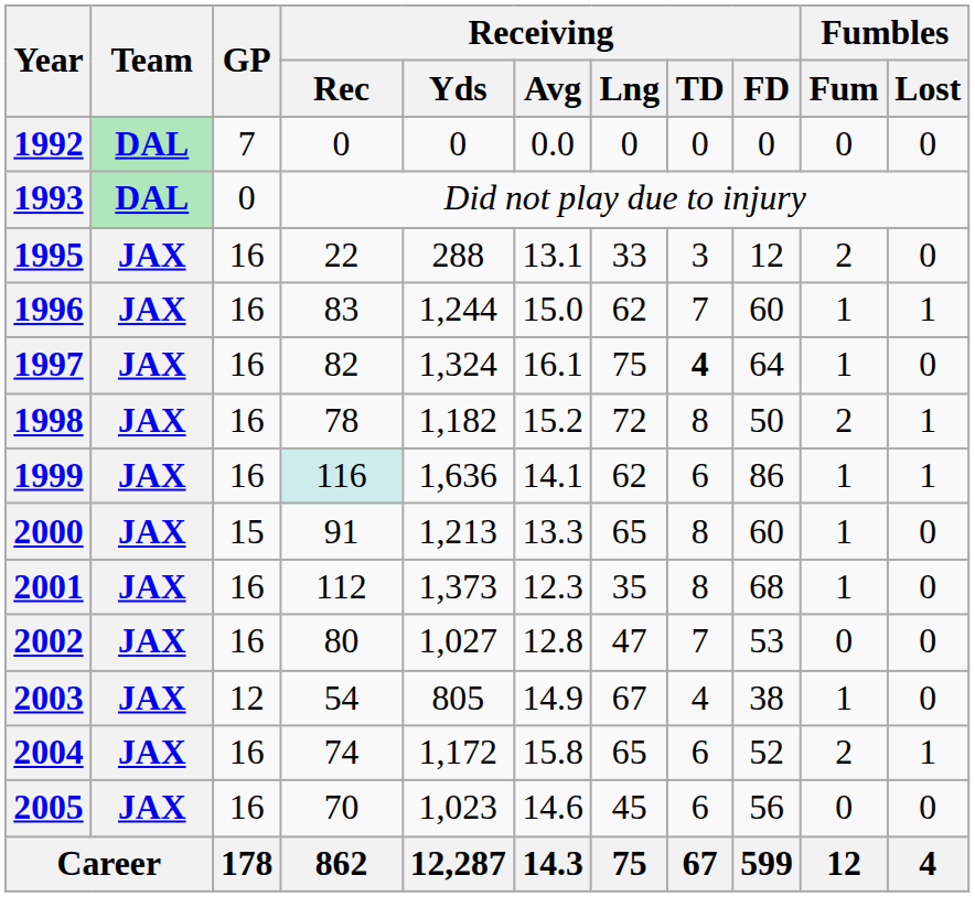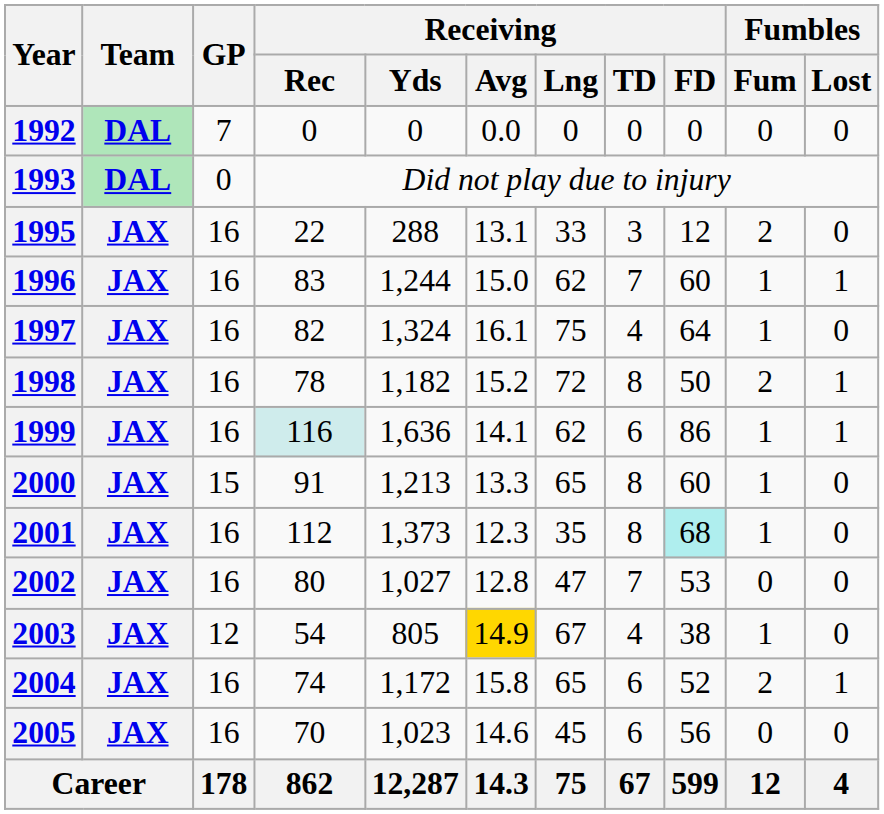 <table class="wikitable" style="text-align:center;">
 <tr>
 <th rowspan="2">Year</th>
 <th rowspan="2">Team</th>
 <th rowspan="2">GP</th>
 <th colspan="6">Receiving</th>
 <th colspan="2">Fumbles</th>
 </tr>
 <tr>
 <th>Rec</th>
 <th>Yds</th>
 <th>Avg</th>
 <th>Lng</th>
 <th>TD</th>
 <th>FD</th>
 <th>Fum</th>
 <th>Lost</th>
 </tr>
 <tr>
 <th><a href='#'>1992</a></th>
 <th style="background:#afe6ba; width:3em;"><a href='#'>DAL</a></th>
 <td>7</td>
 <td>0</td>
 <td>0</td>
 <td>0.0</td>
 <td>0</td>
 <td>0</td>
 <td>0</td>
 <td>0</td>
 <td>0</td>
 </tr>
 <tr>
 <th><a href='#'>1993</a></th>
 <th style="background:#afe6ba; width:3em;"><a href='#'>DAL</a></th>
 <td>0</td>
 <td colspan="8"><em>Did not play due to injury</em></td>
 </tr>
 <tr>
 <th><a href='#'>1995</a></th>
 <th><a href='#'>JAX</a></th>
 <td>16</td>
 <td>22</td>
 <td>288</td>
 <td>13.1</td>
 <td>33</td>
 <td>3</td>
 <td>12</td>
 <td>2</td>
 <td>0</td>
 </tr>
 <tr>
 <th><a href='#'>1996</a></th>
 <th><a href='#'>JAX</a></th>
 <td>16</td>
 <td>83</td>
 <td>1,244</td>
 <td>15.0</td>
 <td>62</td>
 <td>7</td>
 <td>60</td>
 <td>1</td>
 <td>1</td>
 </tr>
 <tr>
 <th><a href='#'>1997</a></th>
 <th><a href='#'>JAX</a></th>
 <td>16</td>
 <td>82</td>
 <td>1,324</td>
 <td>16.1</td>
 <td>75</td>
-<td><strong>4</strong></td>
+<td>4</td>
 <td>64</td>
 <td>1</td>
 <td>0</td>
 </tr>
 <tr>
 <th><a href='#'>1998</a></th>
 <th><a href='#'>JAX</a></th>
 <td>16</td>
 <td>78</td>
 <td>1,182</td>
 <td>15.2</td>
 <td>72</td>
 <td>8</td>
 <td>50</td>
 <td>2</td>
 <td>1</td>
 </tr>
 <tr>
 <th><a href='#'>1999</a></th>
 <th><a href='#'>JAX</a></th>
 <td>16</td>
 <td style="background:#cfecec; width:3em;">116</td>
 <td>1,636</td>
 <td>14.1</td>
 <td>62</td>
 <td>6</td>
 <td>86</td>
 <td>1</td>
 <td>1</td>
 </tr>
 <tr>
 <th><a href='#'>2000</a></th>
 <th><a href='#'>JAX</a></th>
 <td>15</td>
 <td>91</td>
 <td>1,213</td>
 <td>13.3</td>
 <td>65</td>
 <td>8</td>
 <td>60</td>
 <td>1</td>
 <td>0</td>
 </tr>
 <tr>
 <th><a href='#'>2001</a></th>
 <th><a href='#'>JAX</a></th>
 <td>16</td>
 <td>112</td>
 <td>1,373</td>
 <td>12.3</td>
 <td>35</td>
 <td>8</td>
-<td>68</td>
+<td style="background: paleturquoise;">68</td>
 <td>1</td>
 <td>0</td>
 </tr>
 <tr>
 <th><a href='#'>2002</a></th>
 <th><a href='#'>JAX</a></th>
 <td>16</td>
 <td>80</td>
 <td>1,027</td>
 <td>12.8</td>
 <td>47</td>
 <td>7</td>
 <td>53</td>
 <td>0</td>
 <td>0</td>
 </tr>
 <tr>
 <th><a href='#'>2003</a></th>
 <th><a href='#'>JAX</a></th>
 <td>12</td>
 <td>54</td>
 <td>805</td>
-<td>14.9</td>
+<td style="background: gold;">14.9</td>
 <td>67</td>
 <td>4</td>
 <td>38</td>
 <td>1</td>
 <td>0</td>
 </tr>
 <tr>
 <th><a href='#'>2004</a></th>
 <th><a href='#'>JAX</a></th>
 <td>16</td>
 <td>74</td>
 <td>1,172</td>
 <td>15.8</td>
 <td>65</td>
 <td>6</td>
 <td>52</td>
 <td>2</td>
 <td>1</td>
 </tr>
 <tr>
 <th><a href='#'>2005</a></th>
 <th><a href='#'>JAX</a></th>
 <td>16</td>
 <td>70</td>
 <td>1,023</td>
 <td>14.6</td>
 <td>45</td>
 <td>6</td>
 <td>56</td>
 <td>0</td>
 <td>0</td>
 </tr>
 <tr>
 <th colspan="2">Career</th>
 <th>178</th>
 <th>862</th>
 <th>12,287</th>
 <th>14.3</th>
 <th>75</th>
 <th>67</th>
 <th>599</th>
 <th>12</th>
 <th>4</th>
 </tr>
 </table>
